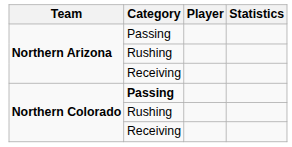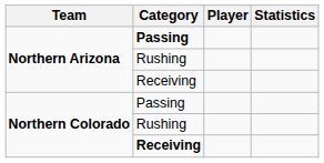 <table class="wikitable" style="float: right;">
 <tr>
 <th>Team</th>
 <th>Category</th>
 <th>Player</th>
 <th>Statistics</th>
 </tr>
 <tr>
 <td rowspan=3><strong>Northern Arizona</strong></td>
-<td>Passing</td>
+<td><strong>Passing</strong></td>
 <td></td>
 <td></td>
 </tr>
 <tr>
 <td>Rushing</td>
 <td></td>
 <td></td>
 </tr>
 <tr>
 <td>Receiving</td>
 <td></td>
 <td></td>
 </tr>
 <tr>
 <td rowspan=3><strong>Northern Colorado</strong></td>
-<td><strong>Passing</strong></td>
+<td>Passing</td>
 <td></td>
 <td></td>
 </tr>
 <tr>
 <td>Rushing</td>
 <td></td>
 <td></td>
 </tr>
 <tr>
-<td>Receiving</td>
+<td><strong>Receiving</strong></td>
 <td></td>
 <td></td>
 </tr>
 </table>
